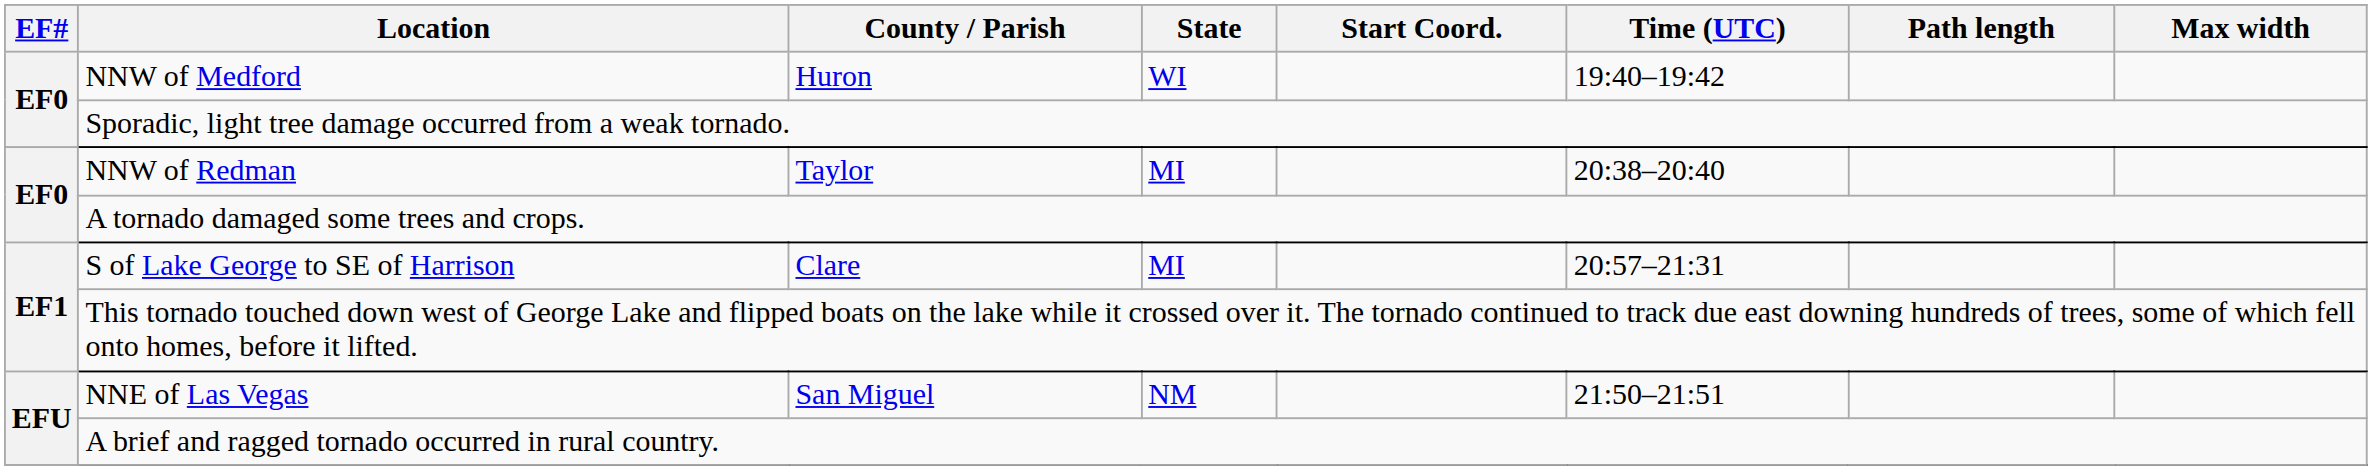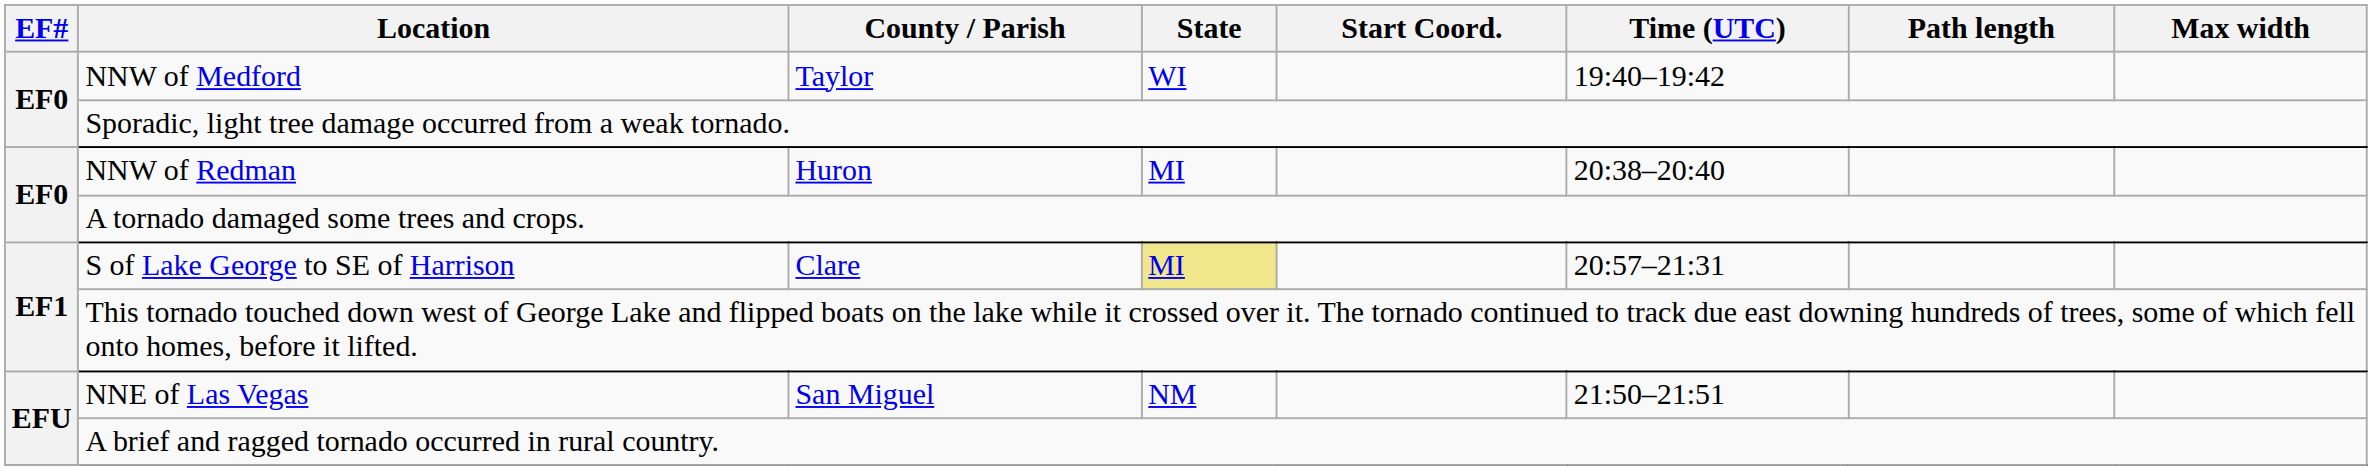 <table class="wikitable sortable" style="width:100%;">
 <tr>
 <th scope="col" width="2%" align="center"><a href='#'>EF#</a></th>
 <th scope="col" align="center" class="unsortable">Location</th>
 <th scope="col" align="center" class="unsortable">County / Parish</th>
 <th scope="col" align="center">State</th>
 <th scope="col" align="center">Start Coord.</th>
 <th scope="col" align="center">Time (<a href='#'>UTC</a>)</th>
 <th scope="col" align="center">Path length</th>
 <th scope="col" align="center">Max width</th>
 </tr>
 <tr>
 <th scope="row" rowspan="2" style="background-color:#">EF0</th>
 <td>NNW of <a href='#'>Medford</a></td>
-<td><a href='#'>Huron</a></td>
+<td><a href='#'>Taylor</a></td>
 <td><a href='#'>WI</a></td>
 <td></td>
 <td>19:40–19:42</td>
 <td></td>
 <td></td>
 </tr>
 <tr class="expand-child">
 <td colspan="8" style=" border-bottom: 1px solid black;">Sporadic, light tree damage occurred from a weak tornado.</td>
 </tr>
 <tr>
 <th scope="row" rowspan="2" style="background-color:#">EF0</th>
 <td>NNW of <a href='#'>Redman</a></td>
-<td><a href='#'>Taylor</a></td>
+<td><a href='#'>Huron</a></td>
 <td><a href='#'>MI</a></td>
 <td></td>
 <td>20:38–20:40</td>
 <td></td>
 <td></td>
 </tr>
 <tr class="expand-child">
 <td colspan="8" style=" border-bottom: 1px solid black;">A tornado damaged some trees and crops.</td>
 </tr>
 <tr>
 <th scope="row" rowspan="2" style="background-color:#">EF1</th>
 <td>S of <a href='#'>Lake George</a> to SE of <a href='#'>Harrison</a></td>
 <td><a href='#'>Clare</a></td>
-<td><a href='#'>MI</a></td>
+<td style="background: khaki;"><a href='#'>MI</a></td>
 <td></td>
 <td>20:57–21:31</td>
 <td></td>
 <td></td>
 </tr>
 <tr class="expand-child">
 <td colspan="8" style=" border-bottom: 1px solid black;">This tornado touched down west of George Lake and flipped boats on the lake while it crossed over it. The tornado continued to track due east downing hundreds of trees, some of which fell onto homes, before it lifted.</td>
 </tr>
 <tr>
 <th scope="row" rowspan="2" style="background-color:#">EFU</th>
 <td>NNE of <a href='#'>Las Vegas</a></td>
 <td><a href='#'>San Miguel</a></td>
 <td><a href='#'>NM</a></td>
 <td></td>
 <td>21:50–21:51</td>
 <td></td>
 <td></td>
 </tr>
 <tr class="expand-child">
 <td colspan="8" style=" border-bottom: 1px solid black;">A brief and ragged tornado occurred in rural country.</td>
 </tr>
 <tr>
 </tr>
 </table>
